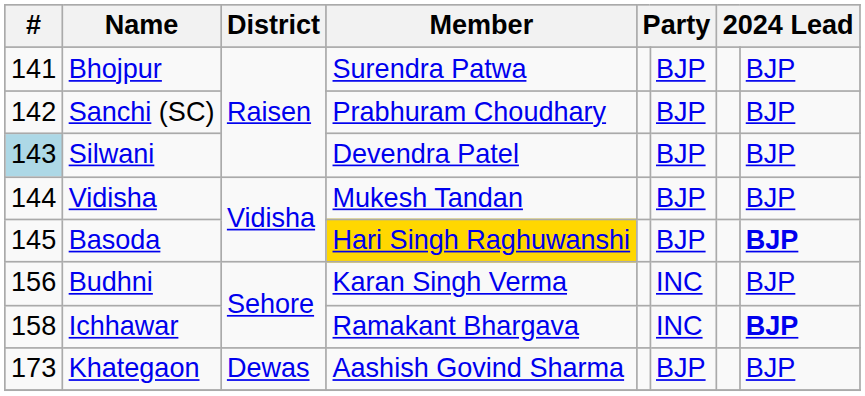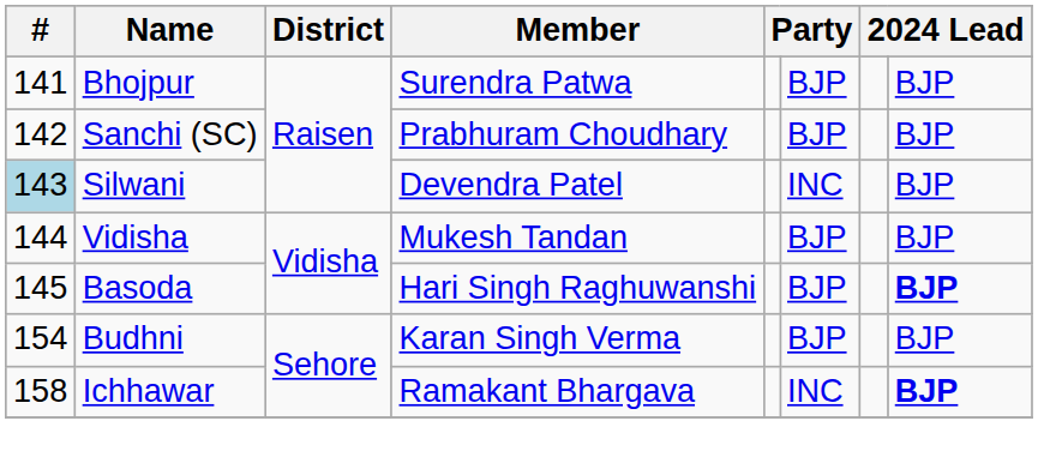 <table class="wikitable sortable">
 <tr>
 <th>#</th>
 <th>Name</th>
 <th>District</th>
 <th>Member</th>
 <th colspan="2">Party</th>
 <th colspan="2">2024 Lead</th>
 </tr>
 <tr>
 <td>141</td>
 <td><a href='#'>Bhojpur</a></td>
 <td rowspan="3"><a href='#'>Raisen</a></td>
 <td><a href='#'>Surendra Patwa</a></td>
 <td style="background-color: "></td>
 <td><a href='#'>BJP</a></td>
 <td style="background-color: "></td>
 <td><a href='#'>BJP</a></td>
 </tr>
 <tr>
 <td>142</td>
 <td><a href='#'>Sanchi</a> (SC)</td>
 <td><a href='#'>Prabhuram Choudhary</a></td>
 <td style="background-color: "></td>
 <td><a href='#'>BJP</a></td>
 <td style="background-color: "></td>
 <td><a href='#'>BJP</a></td>
 </tr>
 <tr>
 <td style="background: lightblue;">143</td>
 <td><a href='#'>Silwani</a></td>
 <td><a href='#'>Devendra Patel</a></td>
 <td style="background-color: "></td>
-<td><a href='#'>BJP</a></td>
+<td><a href='#'>INC</a></td>
 <td style="background-color: "></td>
 <td><a href='#'>BJP</a></td>
 </tr>
 <tr>
 <td>144</td>
 <td><a href='#'>Vidisha</a></td>
 <td rowspan="2"><a href='#'>Vidisha</a></td>
 <td><a href='#'>Mukesh Tandan</a></td>
 <td style="background-color: "></td>
 <td><a href='#'>BJP</a></td>
 <td style="background-color: "></td>
 <td><a href='#'>BJP</a></td>
 </tr>
 <tr>
 <td>145</td>
 <td><a href='#'>Basoda</a></td>
-<td style="background: gold;"><a href='#'>Hari Singh Raghuwanshi</a></td>
+<td><a href='#'>Hari Singh Raghuwanshi</a></td>
 <td style="background-color: "></td>
 <td><a href='#'>BJP</a></td>
 <td style="background-color: "></td>
 <td><strong><a href='#'>BJP</a></strong></td>
 </tr>
 <tr>
-<td>156</td>
+<td>154</td>
 <td><a href='#'>Budhni</a></td>
 <td rowspan="2"><a href='#'>Sehore</a></td>
 <td><a href='#'>Karan Singh Verma</a></td>
 <td style="background-color: "></td>
-<td><a href='#'>INC</a></td>
+<td><a href='#'>BJP</a></td>
 <td style="background-color: "></td>
 <td><a href='#'>BJP</a></td>
 </tr>
 <tr>
 <td>158</td>
 <td><a href='#'>Ichhawar</a></td>
 <td><a href='#'>Ramakant Bhargava</a></td>
 <td style="background-color: "></td>
 <td><a href='#'>INC</a></td>
 <td style="background-color: "></td>
 <td><strong><a href='#'>BJP</a></strong></td>
 </tr>
 <tr>
-<td>173</td>
-<td><a href='#'>Khategaon</a></td>
-<td><a href='#'>Dewas</a></td>
-<td><a href='#'>Aashish Govind Sharma</a></td>
-<td style="background-color: "></td>
-<td><a href='#'>BJP</a></td>
-<td style="background-color: "></td>
-<td><a href='#'>BJP</a></td>
-</tr>
-<tr>
 </tr>
 </table>
